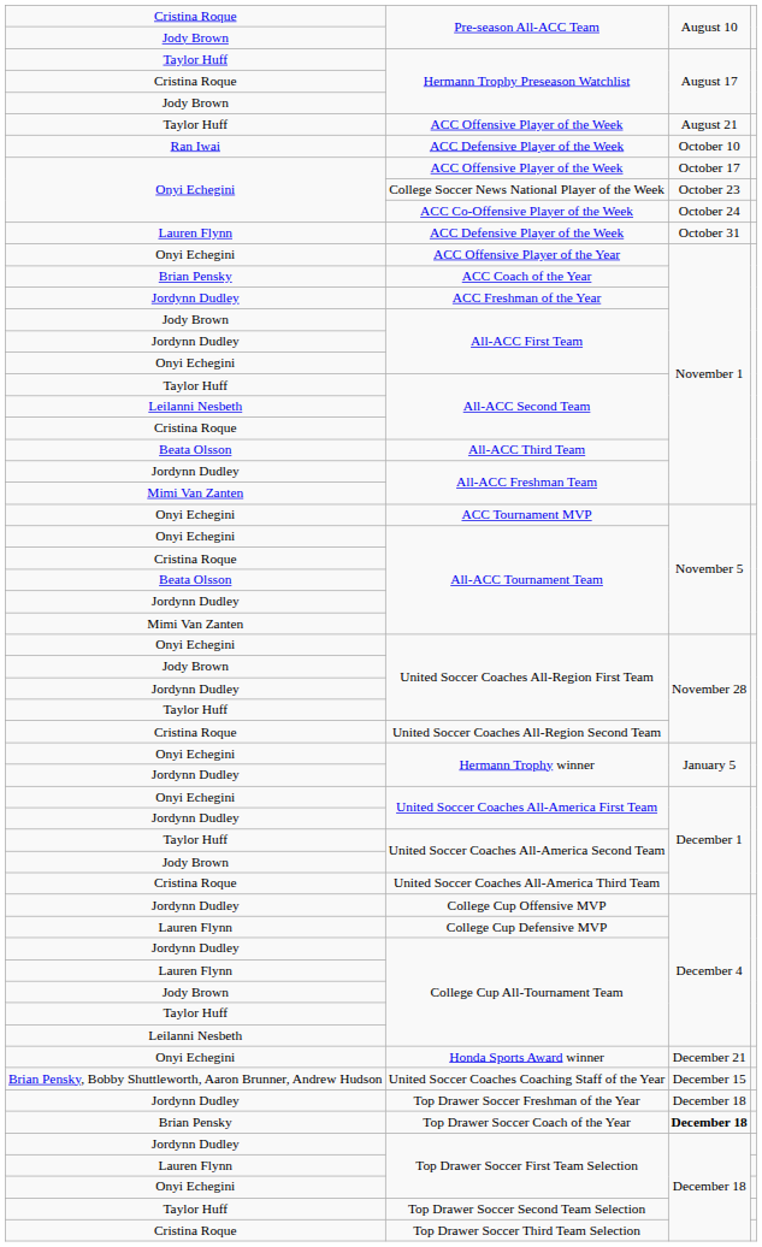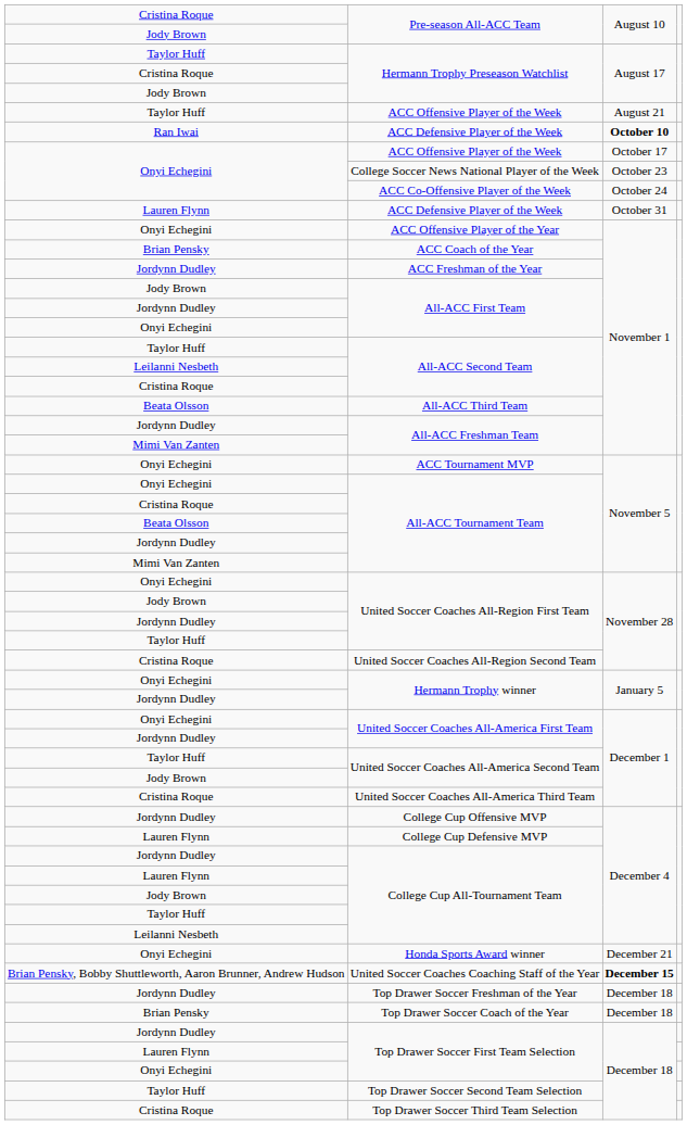 <table class="wikitable sortable" style="text-align: center">
 <tr>
 <td><a href='#'>Cristina Roque</a></td>
 <td rowspan=2><a href='#'>Pre-season All-ACC Team</a></td>
 <td rowspan=2>August 10</td>
 <td rowspan=2></td>
 </tr>
 <tr>
 <td><a href='#'>Jody Brown</a></td>
 </tr>
 <tr>
 <td><a href='#'>Taylor Huff</a></td>
 <td rowspan=3><a href='#'>Hermann Trophy Preseason Watchlist</a></td>
 <td rowspan=3>August 17</td>
 <td rowspan=3></td>
 </tr>
 <tr>
 <td>Cristina Roque</td>
 </tr>
 <tr>
 <td>Jody Brown</td>
 </tr>
 <tr>
 <td>Taylor Huff</td>
 <td><a href='#'>ACC Offensive Player of the Week</a></td>
 <td>August 21</td>
 <td></td>
 </tr>
 <tr>
 <td><a href='#'>Ran Iwai</a></td>
 <td><a href='#'>ACC Defensive Player of the Week</a></td>
-<td>October 10</td>
+<td><strong>October 10</strong></td>
 <td></td>
 </tr>
 <tr>
 <td rowspan=3><a href='#'>Onyi Echegini</a></td>
 <td><a href='#'>ACC Offensive Player of the Week</a></td>
 <td>October 17</td>
 <td></td>
 </tr>
 <tr>
 <td>College Soccer News National Player of the Week</td>
 <td>October 23</td>
 <td></td>
 </tr>
 <tr>
 <td><a href='#'>ACC Co-Offensive Player of the Week</a></td>
 <td>October 24</td>
 <td></td>
 </tr>
 <tr>
 <td><a href='#'>Lauren Flynn</a></td>
 <td><a href='#'>ACC Defensive Player of the Week</a></td>
 <td>October 31</td>
 <td></td>
 </tr>
 <tr>
 <td>Onyi Echegini</td>
 <td><a href='#'>ACC Offensive Player of the Year</a></td>
 <td rowspan=12>November 1</td>
 <td rowspan=12></td>
 </tr>
 <tr>
 <td><a href='#'>Brian Pensky</a></td>
 <td><a href='#'>ACC Coach of the Year</a></td>
 </tr>
 <tr>
 <td><a href='#'>Jordynn Dudley</a></td>
 <td><a href='#'>ACC Freshman of the Year</a></td>
 </tr>
 <tr>
 <td>Jody Brown</td>
 <td rowspan=3><a href='#'>All-ACC First Team</a></td>
 </tr>
 <tr>
 <td>Jordynn Dudley</td>
 </tr>
 <tr>
 <td>Onyi Echegini</td>
 </tr>
 <tr>
 <td>Taylor Huff</td>
 <td rowspan=3><a href='#'>All-ACC Second Team</a></td>
 </tr>
 <tr>
 <td><a href='#'>Leilanni Nesbeth</a></td>
 </tr>
 <tr>
 <td>Cristina Roque</td>
 </tr>
 <tr>
 <td><a href='#'>Beata Olsson</a></td>
 <td><a href='#'>All-ACC Third Team</a></td>
 </tr>
 <tr>
 <td>Jordynn Dudley</td>
 <td rowspan=2><a href='#'>All-ACC Freshman Team</a></td>
 </tr>
 <tr>
 <td><a href='#'>Mimi Van Zanten</a></td>
 </tr>
 <tr>
 <td>Onyi Echegini</td>
 <td><a href='#'>ACC Tournament MVP</a></td>
 <td rowspan=6>November 5</td>
 <td rowspan=6></td>
 </tr>
 <tr>
 <td>Onyi Echegini</td>
 <td rowspan=5><a href='#'>All-ACC Tournament Team</a></td>
 </tr>
 <tr>
 <td>Cristina Roque</td>
 </tr>
 <tr>
 <td><a href='#'>Beata Olsson</a></td>
 </tr>
 <tr>
 <td>Jordynn Dudley</td>
 </tr>
 <tr>
 <td>Mimi Van Zanten</td>
 </tr>
 <tr>
 <td>Onyi Echegini</td>
 <td rowspan=4>United Soccer Coaches All-Region First Team</td>
 <td rowspan=5>November 28</td>
 <td rowspan=5></td>
 </tr>
 <tr>
 <td>Jody Brown</td>
 </tr>
 <tr>
 <td>Jordynn Dudley</td>
 </tr>
 <tr>
 <td>Taylor Huff</td>
 </tr>
 <tr>
 <td>Cristina Roque</td>
 <td>United Soccer Coaches All-Region Second Team</td>
 </tr>
 <tr>
 <td>Onyi Echegini</td>
 <td rowspan=2><a href='#'>Hermann Trophy</a> winner</td>
 <td rowspan=2>January 5</td>
 <td rowspan=2></td>
 </tr>
 <tr>
 <td>Jordynn Dudley</td>
 </tr>
 <tr>
 <td>Onyi Echegini</td>
 <td rowspan=2><a href='#'>United Soccer Coaches All-America First Team</a></td>
 <td rowspan=5>December 1</td>
 <td rowspan=5></td>
 </tr>
 <tr>
 <td>Jordynn Dudley</td>
 </tr>
 <tr>
 <td>Taylor Huff</td>
 <td rowspan=2>United Soccer Coaches All-America Second Team</td>
 </tr>
 <tr>
 <td>Jody Brown</td>
 </tr>
 <tr>
 <td>Cristina Roque</td>
 <td>United Soccer Coaches All-America Third Team</td>
 </tr>
 <tr>
 <td>Jordynn Dudley</td>
 <td>College Cup Offensive MVP</td>
 <td rowspan=7>December 4</td>
 <td rowspan=7></td>
 </tr>
 <tr>
 <td>Lauren Flynn</td>
 <td>College Cup Defensive MVP</td>
 </tr>
 <tr>
 <td>Jordynn Dudley</td>
 <td rowspan=5>College Cup All-Tournament Team</td>
 </tr>
 <tr>
 <td>Lauren Flynn</td>
 </tr>
 <tr>
 <td>Jody Brown</td>
 </tr>
 <tr>
 <td>Taylor Huff</td>
 </tr>
 <tr>
 <td>Leilanni Nesbeth</td>
 </tr>
 <tr>
 <td>Onyi Echegini</td>
 <td><a href='#'>Honda Sports Award</a> winner</td>
 <td>December 21</td>
 <td></td>
 </tr>
 <tr>
 <td><a href='#'>Brian Pensky</a>, Bobby Shuttleworth, Aaron Brunner, Andrew Hudson</td>
 <td>United Soccer Coaches Coaching Staff of the Year</td>
-<td>December 15</td>
+<td><strong>December 15</strong></td>
 <td></td>
 </tr>
 <tr>
 <td>Jordynn Dudley</td>
 <td>Top Drawer Soccer Freshman of the Year</td>
 <td>December 18</td>
 <td></td>
 </tr>
 <tr>
 <td>Brian Pensky</td>
 <td>Top Drawer Soccer Coach of the Year</td>
-<td><strong>December 18</strong></td>
+<td>December 18</td>
 <td></td>
 </tr>
 <tr>
 <td>Jordynn Dudley</td>
 <td rowspan=3>Top Drawer Soccer First Team Selection</td>
 <td rowspan=5>December 18</td>
 <td></td>
 </tr>
 <tr>
 <td>Lauren Flynn</td>
 <td></td>
 </tr>
 <tr>
 <td>Onyi Echegini</td>
 <td></td>
 </tr>
 <tr>
 <td>Taylor Huff</td>
 <td>Top Drawer Soccer Second Team Selection</td>
 <td></td>
 </tr>
 <tr>
 <td>Cristina Roque</td>
 <td>Top Drawer Soccer Third Team Selection</td>
 <td></td>
 </tr>
 </table>
